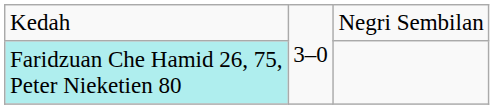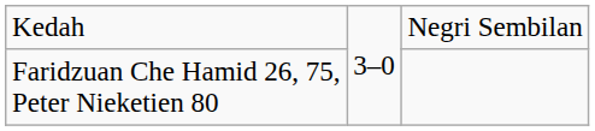 <table class="wikitable">
 <tr>
 <td>Kedah</td>
 <td rowspan="2">3–0</td>
 <td>Negri Sembilan</td>
 </tr>
 <tr>
-<td style="background: paleturquoise;">Faridzuan Che Hamid 26, 75,<br>Peter Nieketien 80</td>
+<td>Faridzuan Che Hamid 26, 75,<br>Peter Nieketien 80</td>
 <td></td>
 </tr>
 </table>
